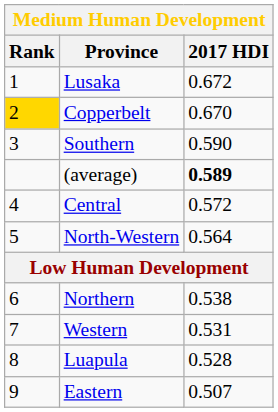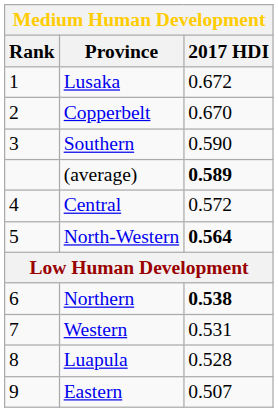 <table class="wikitable sortable">
 <tr>
 <th colspan="3" style="color:#fc0;">Medium Human Development</th>
 </tr>
 <tr>
 <th>Rank</th>
 <th>Province</th>
 <th>2017 HDI</th>
 </tr>
 <tr>
 <td>1</td>
 <td><a href='#'>Lusaka</a></td>
 <td>0.672</td>
 </tr>
 <tr>
-<td style="background: gold;">2</td>
+<td>2</td>
 <td><a href='#'>Copperbelt</a></td>
 <td>0.670</td>
 </tr>
 <tr>
 <td>3</td>
 <td><a href='#'>Southern</a></td>
 <td>0.590</td>
 </tr>
 <tr>
 <td></td>
 <td> (average)</td>
 <td><strong>0.589</strong></td>
 </tr>
 <tr>
 <td>4</td>
 <td><a href='#'>Central</a></td>
 <td>0.572</td>
 </tr>
 <tr>
 <td>5</td>
 <td><a href='#'>North-Western</a></td>
-<td>0.564</td>
+<td><strong>0.564</strong></td>
 </tr>
 <tr>
 <th colspan="3" style="color:#900;">Low Human Development</th>
 </tr>
 <tr>
 <td>6</td>
 <td><a href='#'>Northern</a></td>
-<td>0.538</td>
+<td><strong>0.538</strong></td>
 </tr>
 <tr>
 <td>7</td>
 <td><a href='#'>Western</a></td>
 <td>0.531</td>
 </tr>
 <tr>
 <td>8</td>
 <td><a href='#'>Luapula</a></td>
 <td>0.528</td>
 </tr>
 <tr>
 <td>9</td>
 <td><a href='#'>Eastern</a></td>
 <td>0.507</td>
 </tr>
 </table>
